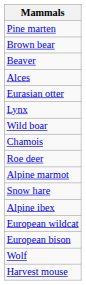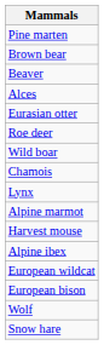 <table class="wikitable sortable mw-collapsible mw-collapsed">
 <tr>
 <th>Mammals</th>
 </tr>
 <tr>
 <td><a href='#'>Pine marten</a></td>
 </tr>
 <tr>
 <td><a href='#'>Brown bear</a></td>
 </tr>
 <tr>
 <td><a href='#'>Beaver</a></td>
 </tr>
 <tr>
 <td><a href='#'>Alces</a></td>
 </tr>
 <tr>
 <td><a href='#'>Eurasian otter</a></td>
 </tr>
 <tr>
-<td><a href='#'>Lynx</a></td>
+<td><a href='#'>Roe deer</a></td>
 </tr>
 <tr>
 <td><a href='#'>Wild boar</a></td>
 </tr>
 <tr>
 <td><a href='#'>Chamois</a></td>
 </tr>
 <tr>
-<td><a href='#'>Roe deer</a></td>
+<td><a href='#'>Lynx</a></td>
 </tr>
 <tr>
 <td><a href='#'>Alpine marmot</a></td>
 </tr>
 <tr>
-<td><a href='#'>Snow hare</a></td>
+<td><a href='#'>Harvest mouse</a></td>
 </tr>
 <tr>
 <td><a href='#'>Alpine ibex</a></td>
 </tr>
 <tr>
 <td><a href='#'>European wildcat</a></td>
 </tr>
 <tr>
 <td><a href='#'>European bison</a></td>
 </tr>
 <tr>
 <td><a href='#'>Wolf</a></td>
 </tr>
 <tr>
-<td><a href='#'>Harvest mouse</a></td>
+<td><a href='#'>Snow hare</a></td>
 </tr>
 </table>
